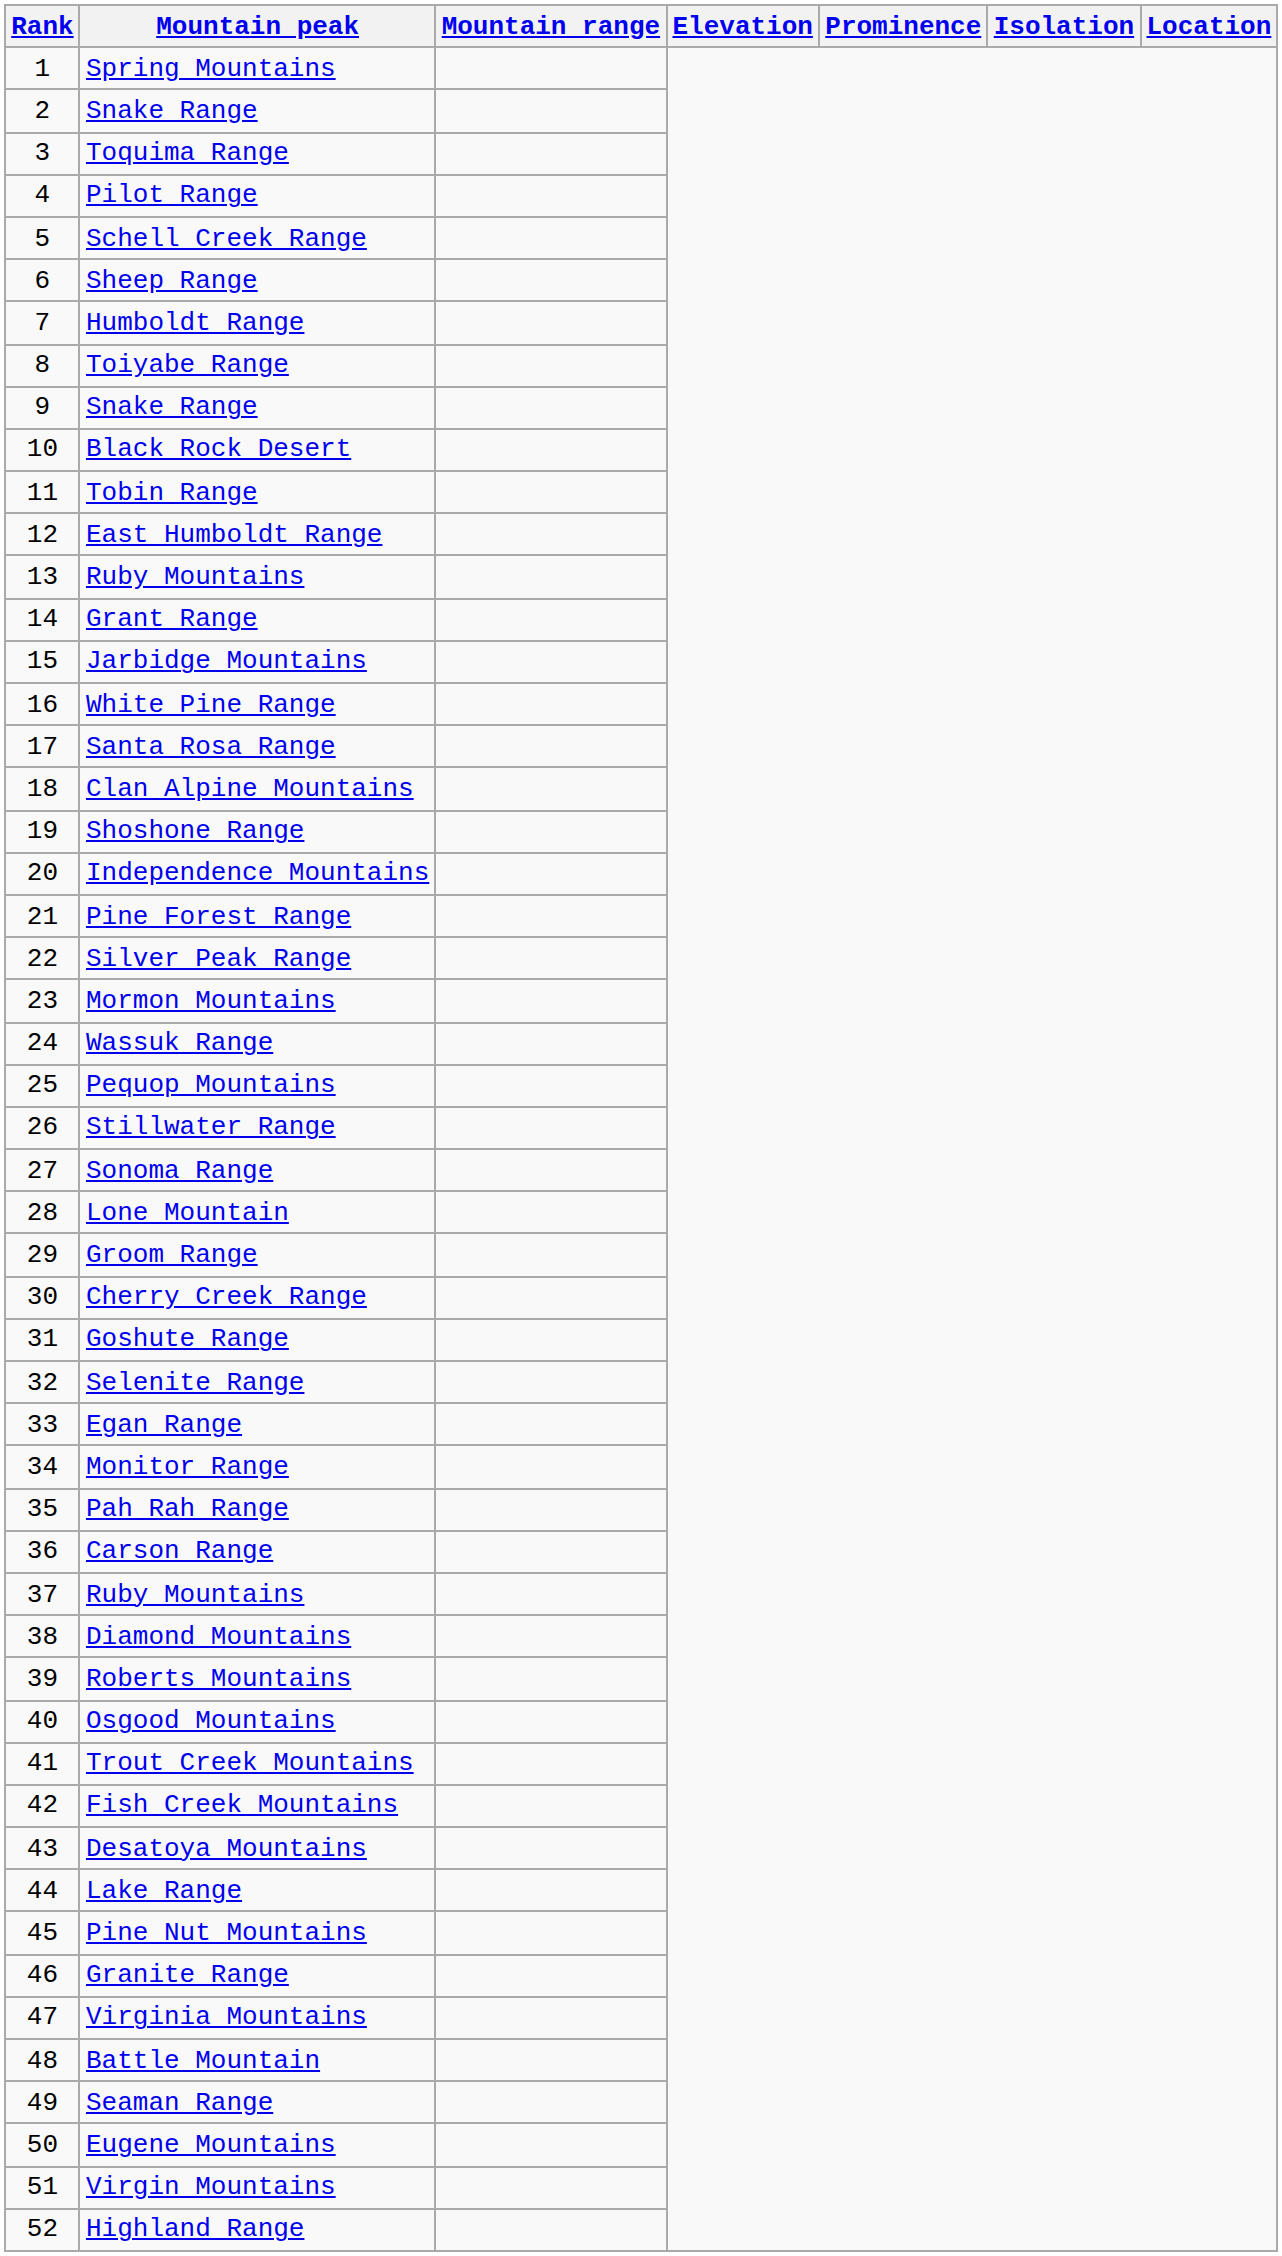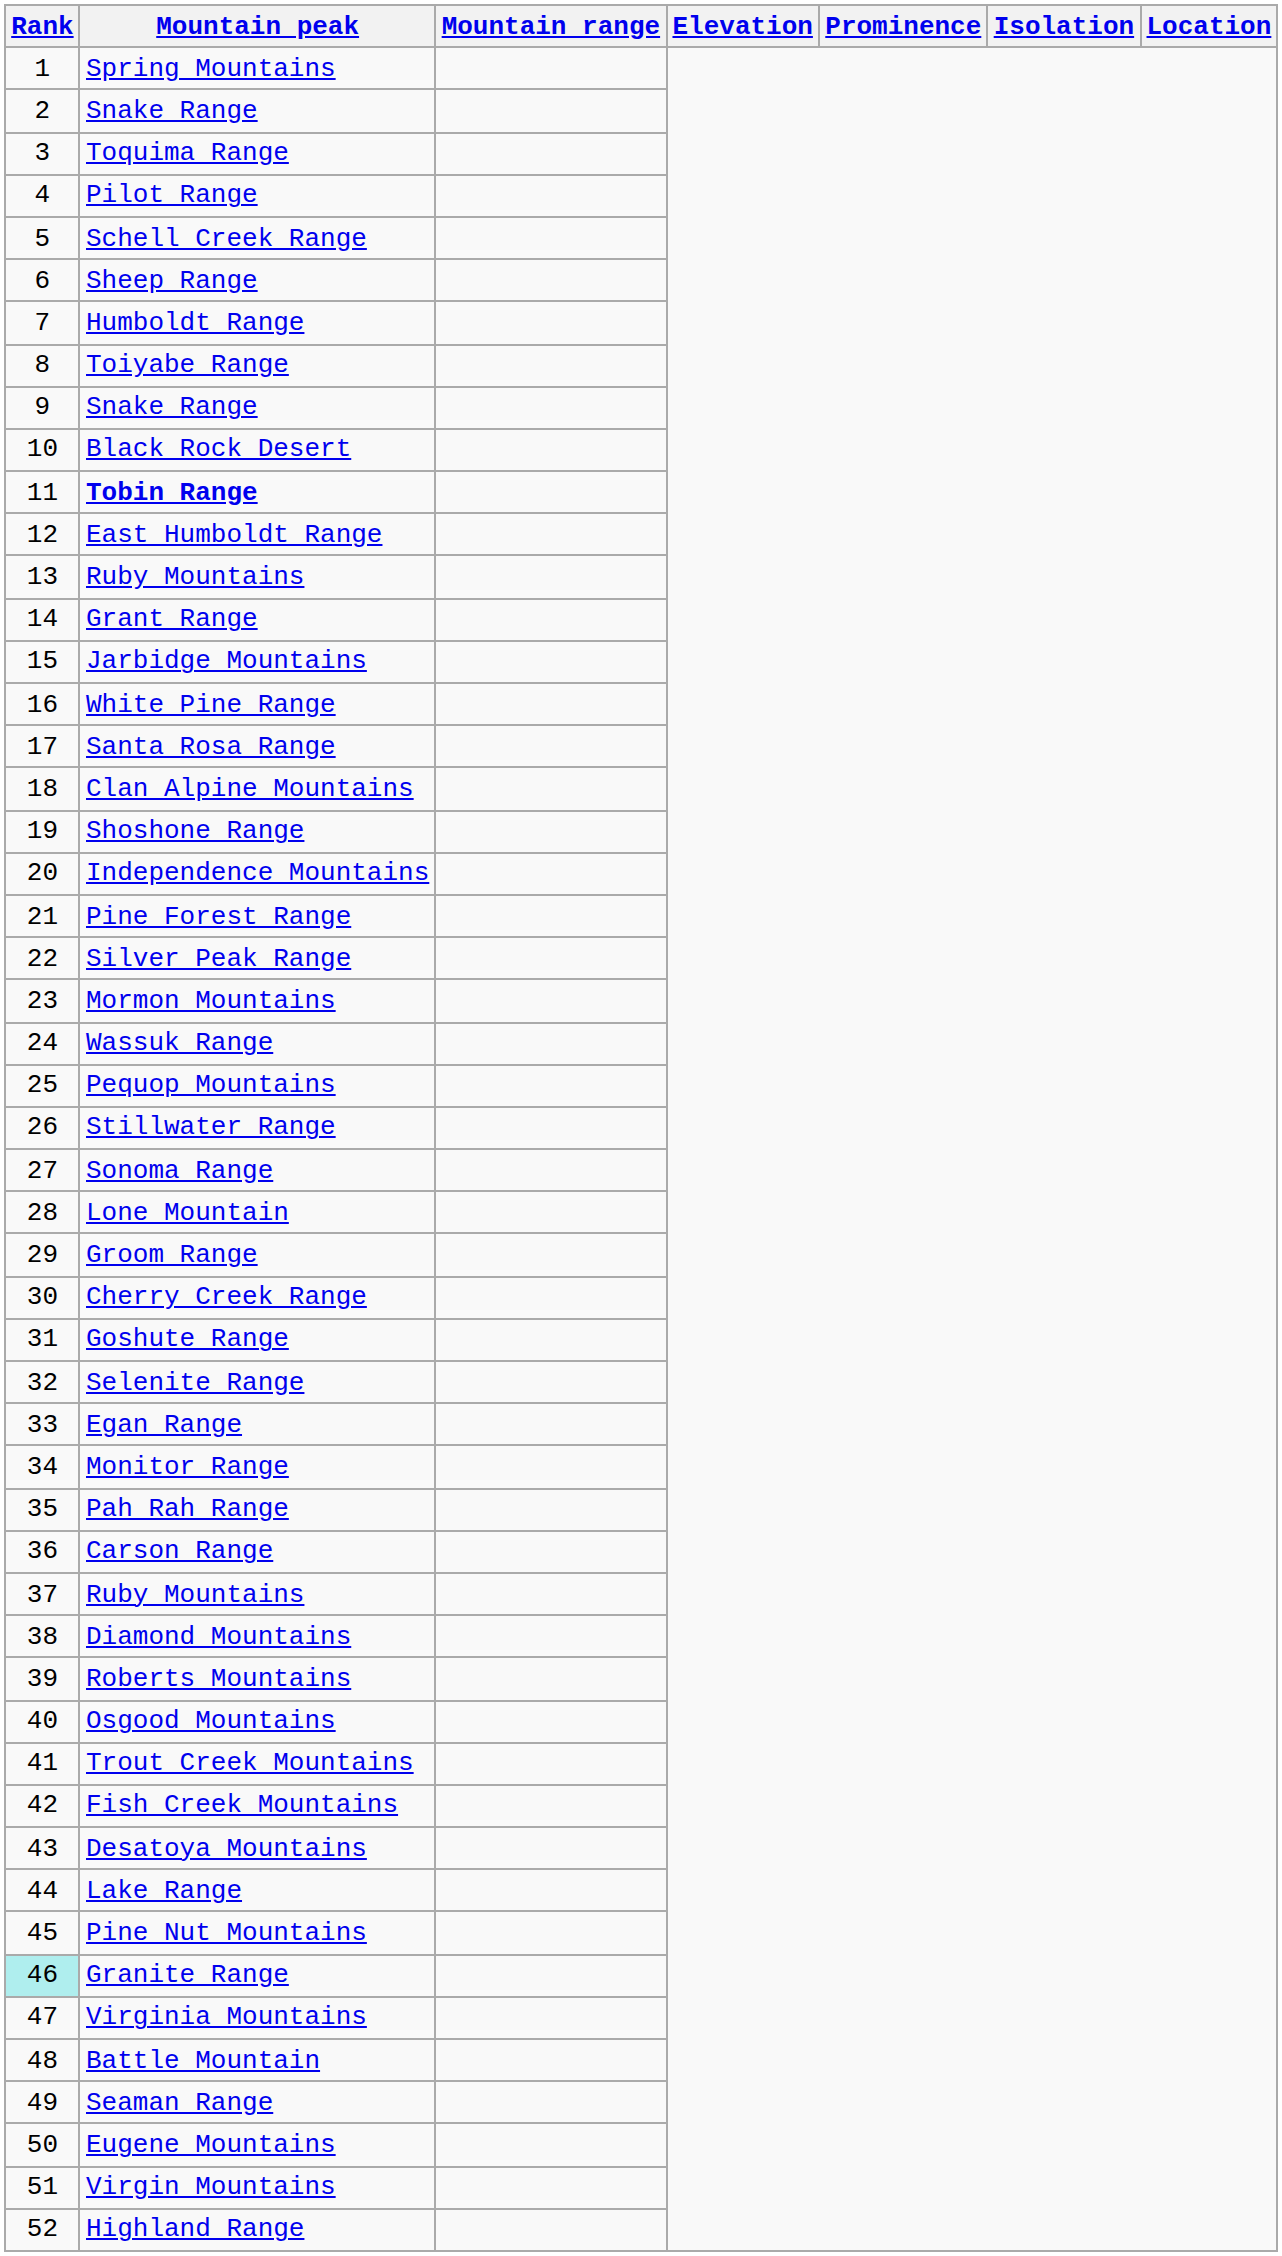 <table class="wikitable sortable">
 <tr>
 <th><a href='#'>Rank</a></th>
 <th><a href='#'>Mountain peak</a></th>
 <th><a href='#'>Mountain range</a></th>
 <th><a href='#'>Elevation</a></th>
 <th><a href='#'>Prominence</a></th>
 <th><a href='#'>Isolation</a></th>
 <th><a href='#'>Location</a></th>
 </tr>
 <tr>
 <td align=center>1<br></td>
 <td><a href='#'>Spring Mountains</a><br></td>
 <td></td>
 </tr>
 <tr>
 <td align=center>2<br></td>
 <td><a href='#'>Snake Range</a><br></td>
 <td></td>
 </tr>
 <tr>
 <td align=center>3<br></td>
 <td><a href='#'>Toquima Range</a><br></td>
 <td></td>
 </tr>
 <tr>
 <td align=center>4<br></td>
 <td><a href='#'>Pilot Range</a><br></td>
 <td></td>
 </tr>
 <tr>
 <td align=center>5<br></td>
 <td><a href='#'>Schell Creek Range</a><br></td>
 <td></td>
 </tr>
 <tr>
 <td align=center>6<br></td>
 <td><a href='#'>Sheep Range</a><br></td>
 <td></td>
 </tr>
 <tr>
 <td align=center>7<br></td>
 <td><a href='#'>Humboldt Range</a><br></td>
 <td></td>
 </tr>
 <tr>
 <td align=center>8<br></td>
 <td><a href='#'>Toiyabe Range</a><br></td>
 <td></td>
 </tr>
 <tr>
 <td align=center>9<br></td>
 <td><a href='#'>Snake Range</a><br></td>
 <td></td>
 </tr>
 <tr>
 <td align=center>10<br></td>
 <td><a href='#'>Black Rock Desert</a><br></td>
 <td></td>
 </tr>
 <tr>
 <td align=center>11<br></td>
-<td><a href='#'>Tobin Range</a><br></td>
+<td><strong><a href='#'>Tobin Range</a><br></strong></td>
 <td></td>
 </tr>
 <tr>
 <td align=center>12<br></td>
 <td><a href='#'>East Humboldt Range</a><br></td>
 <td></td>
 </tr>
 <tr>
 <td align=center>13<br></td>
 <td><a href='#'>Ruby Mountains</a><br></td>
 <td></td>
 </tr>
 <tr>
 <td align=center>14<br></td>
 <td><a href='#'>Grant Range</a><br></td>
 <td></td>
 </tr>
 <tr>
 <td align=center>15<br></td>
 <td><a href='#'>Jarbidge Mountains</a><br></td>
 <td></td>
 </tr>
 <tr>
 <td align=center>16<br></td>
 <td><a href='#'>White Pine Range</a><br></td>
 <td></td>
 </tr>
 <tr>
 <td align=center>17<br></td>
 <td><a href='#'>Santa Rosa Range</a><br></td>
 <td></td>
 </tr>
 <tr>
 <td align=center>18<br></td>
 <td><a href='#'>Clan Alpine Mountains</a><br></td>
 <td></td>
 </tr>
 <tr>
 <td align=center>19<br></td>
 <td><a href='#'>Shoshone Range</a><br></td>
 <td></td>
 </tr>
 <tr>
 <td align=center>20<br></td>
 <td><a href='#'>Independence Mountains</a><br></td>
 <td></td>
 </tr>
 <tr>
 <td align=center>21<br></td>
 <td><a href='#'>Pine Forest Range</a><br></td>
 <td></td>
 </tr>
 <tr>
 <td align=center>22<br></td>
 <td><a href='#'>Silver Peak Range</a><br></td>
 <td></td>
 </tr>
 <tr>
 <td align=center>23<br></td>
 <td><a href='#'>Mormon Mountains</a><br></td>
 <td></td>
 </tr>
 <tr>
 <td align=center>24<br></td>
 <td><a href='#'>Wassuk Range</a><br></td>
 <td></td>
 </tr>
 <tr>
 <td align=center>25<br></td>
 <td><a href='#'>Pequop Mountains</a><br></td>
 <td></td>
 </tr>
 <tr>
 <td align=center>26<br></td>
 <td><a href='#'>Stillwater Range</a><br></td>
 <td></td>
 </tr>
 <tr>
 <td align=center>27<br></td>
 <td><a href='#'>Sonoma Range</a><br></td>
 <td></td>
 </tr>
 <tr>
 <td align=center>28<br></td>
 <td><a href='#'>Lone Mountain</a><br></td>
 <td></td>
 </tr>
 <tr>
 <td align=center>29<br></td>
 <td><a href='#'>Groom Range</a><br></td>
 <td></td>
 </tr>
 <tr>
 <td align=center>30<br></td>
 <td><a href='#'>Cherry Creek Range</a><br></td>
 <td></td>
 </tr>
 <tr>
 <td align=center>31<br></td>
 <td><a href='#'>Goshute Range</a><br></td>
 <td></td>
 </tr>
 <tr>
 <td align=center>32<br></td>
 <td><a href='#'>Selenite Range</a><br></td>
 <td></td>
 </tr>
 <tr>
 <td align=center>33<br></td>
 <td><a href='#'>Egan Range</a><br></td>
 <td></td>
 </tr>
 <tr>
 <td align=center>34<br></td>
 <td><a href='#'>Monitor Range</a><br></td>
 <td></td>
 </tr>
 <tr>
 <td align=center>35<br></td>
 <td><a href='#'>Pah Rah Range</a><br></td>
 <td></td>
 </tr>
 <tr>
 <td align=center>36<br></td>
 <td><a href='#'>Carson Range</a><br></td>
 <td></td>
 </tr>
 <tr>
 <td align=center>37<br></td>
 <td><a href='#'>Ruby Mountains</a><br></td>
 <td></td>
 </tr>
 <tr>
 <td align=center>38<br></td>
 <td><a href='#'>Diamond Mountains</a><br></td>
 <td></td>
 </tr>
 <tr>
 <td align=center>39<br></td>
 <td><a href='#'>Roberts Mountains</a><br></td>
 <td></td>
 </tr>
 <tr>
 <td align=center>40<br></td>
 <td><a href='#'>Osgood Mountains</a><br></td>
 <td></td>
 </tr>
 <tr>
 <td align=center>41<br></td>
 <td><a href='#'>Trout Creek Mountains</a><br></td>
 <td></td>
 </tr>
 <tr>
 <td align=center>42<br></td>
 <td><a href='#'>Fish Creek Mountains</a><br></td>
 <td></td>
 </tr>
 <tr>
 <td align=center>43<br></td>
 <td><a href='#'>Desatoya Mountains</a><br></td>
 <td></td>
 </tr>
 <tr>
 <td align=center>44<br></td>
 <td><a href='#'>Lake Range</a><br></td>
 <td></td>
 </tr>
 <tr>
 <td align=center>45<br></td>
 <td><a href='#'>Pine Nut Mountains</a><br></td>
 <td></td>
 </tr>
 <tr>
-<td align=center>46<br></td>
+<td align=center style="background: paleturquoise;">46<br></td>
 <td><a href='#'>Granite Range</a><br></td>
 <td></td>
 </tr>
 <tr>
 <td align=center>47<br></td>
 <td><a href='#'>Virginia Mountains</a><br></td>
 <td></td>
 </tr>
 <tr>
 <td align=center>48<br></td>
 <td><a href='#'>Battle Mountain</a><br></td>
 <td></td>
 </tr>
 <tr>
 <td align=center>49<br></td>
 <td><a href='#'>Seaman Range</a><br></td>
 <td></td>
 </tr>
 <tr>
 <td align=center>50<br></td>
 <td><a href='#'>Eugene Mountains</a><br></td>
 <td></td>
 </tr>
 <tr>
 <td align=center>51<br></td>
 <td><a href='#'>Virgin Mountains</a><br></td>
 <td></td>
 </tr>
 <tr>
 <td align=center>52<br></td>
 <td><a href='#'>Highland Range</a><br></td>
 <td></td>
 </tr>
 </table>
